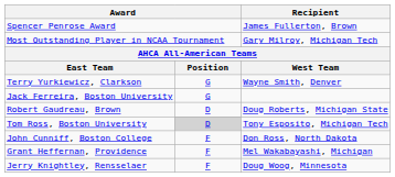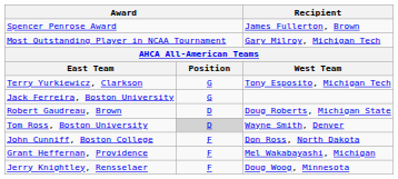 <table class="wikitable">
 <tr>
 <th colspan=2>Award</th>
 <th>Recipient</th>
 </tr>
 <tr>
 <td colspan=2><a href='#'>Spencer Penrose Award</a></td>
 <td><a href='#'>James Fullerton</a>, <a href='#'>Brown</a></td>
 </tr>
 <tr>
 <td colspan=2><a href='#'>Most Outstanding Player in NCAA Tournament</a></td>
 <td><a href='#'>Gary Milroy</a>, <a href='#'>Michigan Tech</a></td>
 </tr>
 <tr>
 <th colspan=3><a href='#'>AHCA All-American Teams</a></th>
 </tr>
 <tr>
 <th>East Team</th>
 <th>  Position  </th>
 <th>West Team</th>
 </tr>
 <tr>
 <td><a href='#'>Terry Yurkiewicz</a>, <a href='#'>Clarkson</a></td>
 <td align=center><a href='#'>G</a></td>
-<td><a href='#'>Wayne Smith</a>, <a href='#'>Denver</a></td>
+<td><a href='#'>Tony Esposito</a>, <a href='#'>Michigan Tech</a></td>
 </tr>
 <tr>
 <td><a href='#'>Jack Ferreira</a>, <a href='#'>Boston University</a></td>
 <td align=center><a href='#'>G</a></td>
 <td></td>
 </tr>
 <tr>
 <td><a href='#'>Robert Gaudreau</a>, <a href='#'>Brown</a></td>
 <td align=center><a href='#'>D</a></td>
 <td><a href='#'>Doug Roberts</a>, <a href='#'>Michigan State</a></td>
 </tr>
 <tr>
 <td><a href='#'>Tom Ross</a>, <a href='#'>Boston University</a></td>
 <td align=center style="background: lightgrey;"><a href='#'>D</a></td>
-<td><a href='#'>Tony Esposito</a>, <a href='#'>Michigan Tech</a></td>
+<td><a href='#'>Wayne Smith</a>, <a href='#'>Denver</a></td>
 </tr>
 <tr>
 <td><a href='#'>John Cunniff</a>, <a href='#'>Boston College</a></td>
 <td align=center><a href='#'>F</a></td>
 <td><a href='#'>Don Ross</a>, <a href='#'>North Dakota</a></td>
 </tr>
 <tr>
 <td><a href='#'>Grant Heffernan</a>, <a href='#'>Providence</a></td>
 <td align=center><a href='#'>F</a></td>
 <td><a href='#'>Mel Wakabayashi</a>, <a href='#'>Michigan</a></td>
 </tr>
 <tr>
 <td><a href='#'>Jerry Knightley</a>, <a href='#'>Rensselaer</a></td>
 <td align=center><a href='#'>F</a></td>
 <td><a href='#'>Doug Woog</a>, <a href='#'>Minnesota</a></td>
 </tr>
 </table>
